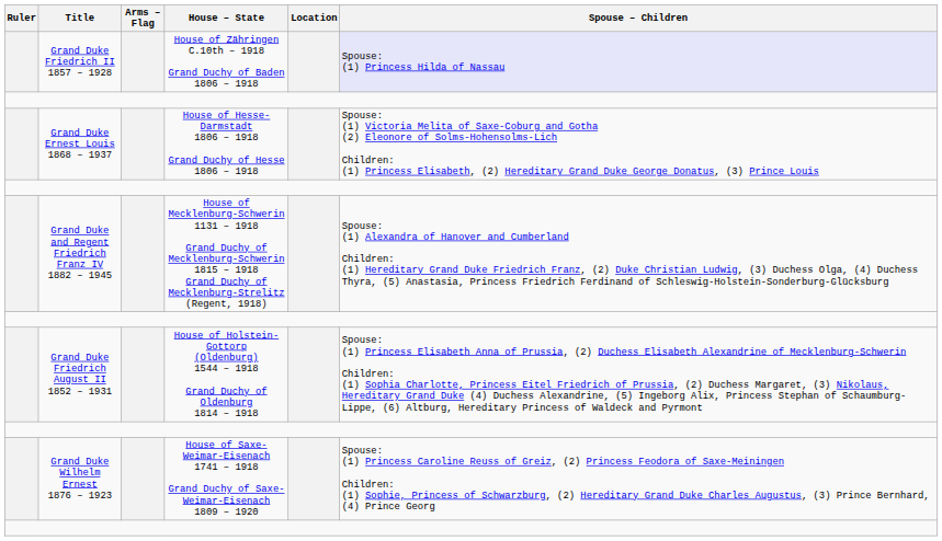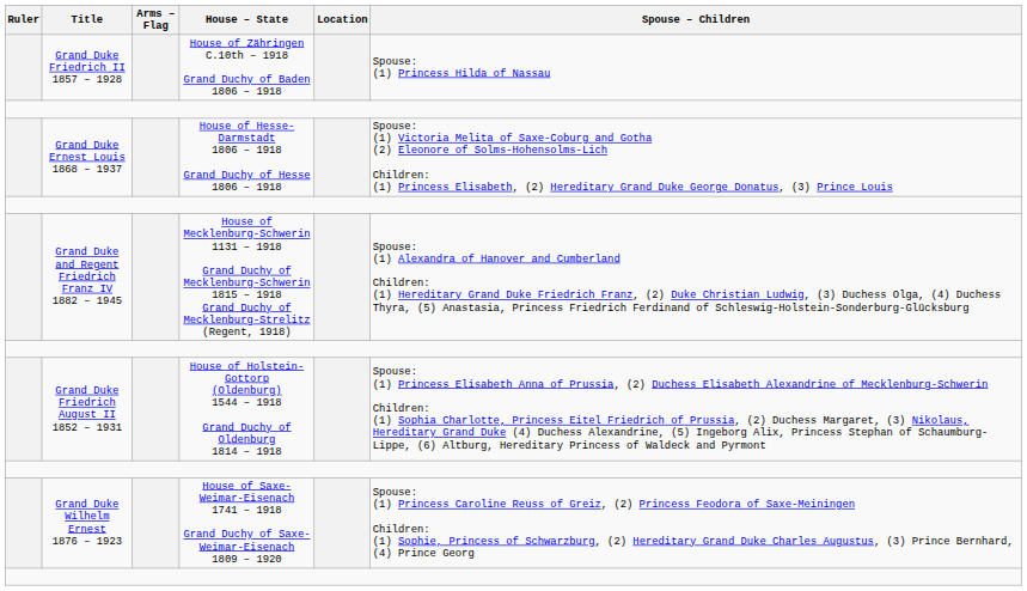 <table class="wikitable" style="border:1px solid">
 <tr>
 <th>Ruler</th>
 <th>Title</th>
 <th>Arms – Flag</th>
 <th>House – State</th>
 <th>Location</th>
 <th>Spouse – Children</th>
 </tr>
 <tr>
 <th></th>
 <td align=center><a href='#'>Grand Duke<br>Friedrich II</a><br>1857 – 1928</td>
 <th><br></th>
 <td align=center><a href='#'>House of Zähringen</a><br>C.10th – 1918<br><br><a href='#'>Grand Duchy of Baden</a><br>1806 – 1918</td>
 <th></th>
-<td align=left style="background: lavender;">Spouse:<br>(1) <a href='#'>Princess Hilda of Nassau</a></td>
+<td align=left>Spouse:<br>(1) <a href='#'>Princess Hilda of Nassau</a></td>
 </tr>
 <tr>
 <td style="text-align:center;" colspan="20"><br></td>
 </tr>
 <tr>
 <th></th>
 <td align=center><a href='#'>Grand Duke<br>Ernest Louis</a><br>1868 – 1937</td>
 <th><br></th>
 <td align=center><a href='#'>House of Hesse-Darmstadt</a><br>1806 – 1918<br><br><a href='#'>Grand Duchy of Hesse</a><br>1806 – 1918</td>
 <th></th>
 <td align=left>Spouse:<br>(1) <a href='#'>Victoria Melita of Saxe-Coburg and Gotha</a><br> (2) <a href='#'>Eleonore of Solms-Hohensolms-Lich</a><br><br>Children:<br>(1) <a href='#'>Princess Elisabeth</a>, (2) <a href='#'>Hereditary Grand Duke George Donatus</a>, (3) <a href='#'>Prince Louis</a></td>
 </tr>
 <tr>
 <td style="text-align:center;" colspan="20"><br></td>
 </tr>
 <tr>
 <th></th>
 <td align=center><a href='#'>Grand Duke and Regent<br>Friedrich Franz IV</a><br>1882 – 1945</td>
 <th><br></th>
 <td align=center><a href='#'>House of Mecklenburg-Schwerin</a><br>1131 – 1918<br><br><a href='#'>Grand Duchy of Mecklenburg-Schwerin</a><br>1815 – 1918<br><a href='#'>Grand Duchy of Mecklenburg-Strelitz</a><br>(Regent, 1918)</td>
 <th> </th>
 <td align=left>Spouse:<br>(1) <a href='#'>Alexandra of Hanover and Cumberland</a><br><br>Children:<br>(1) <a href='#'>Hereditary Grand Duke Friedrich Franz</a>, (2) <a href='#'>Duke Christian Ludwig</a>, (3) Duchess Olga, (4) Duchess Thyra, (5) Anastasia, Princess Friedrich Ferdinand of Schleswig-Holstein-Sonderburg-Glücksburg</td>
 </tr>
 <tr>
 <td style="text-align:center;" colspan="20"><br></td>
 </tr>
 <tr>
 <th></th>
 <td align=center><a href='#'>Grand Duke<br>Friedrich August II</a><br>1852 – 1931</td>
 <th><br></th>
 <td align=center><a href='#'>House of Holstein-Gottorp<br>(Oldenburg)</a><br>1544 – 1918<br><br><a href='#'>Grand Duchy of Oldenburg</a><br>1814 – 1918</td>
 <th></th>
 <td align=left>Spouse:<br>(1) <a href='#'>Princess Elisabeth Anna of Prussia</a>, (2) <a href='#'>Duchess Elisabeth Alexandrine of Mecklenburg-Schwerin</a><br><br>Children:<br>(1) <a href='#'>Sophia Charlotte, Princess Eitel Friedrich of Prussia</a>, (2) Duchess Margaret, (3) <a href='#'>Nikolaus, Hereditary Grand Duke</a> (4) Duchess Alexandrine, (5) Ingeborg Alix, Princess Stephan of Schaumburg-Lippe, (6) Altburg, Hereditary Princess of Waldeck and Pyrmont</td>
 </tr>
 <tr>
 <td style="text-align:center;" colspan="20"><br></td>
 </tr>
 <tr>
 <th></th>
 <td align=center><a href='#'>Grand Duke<br>Wilhelm Ernest</a><br>1876 – 1923</td>
 <th><br></th>
 <td align=center><a href='#'>House of Saxe-Weimar-Eisenach</a><br>1741 – 1918<br><br><a href='#'>Grand Duchy of Saxe-Weimar-Eisenach</a><br>1809 – 1920</td>
 <th></th>
 <td align=left>Spouse:<br>(1) <a href='#'>Princess Caroline Reuss of Greiz</a>, (2) <a href='#'>Princess Feodora of Saxe-Meiningen</a><br><br>Children:<br>(1) <a href='#'>Sophie, Princess of Schwarzburg</a>, (2) <a href='#'>Hereditary Grand Duke Charles Augustus</a>, (3) Prince Bernhard, (4) Prince Georg</td>
 </tr>
 <tr>
 <td style="text-align:center;" colspan="20"><br></td>
 </tr>
 </table>
